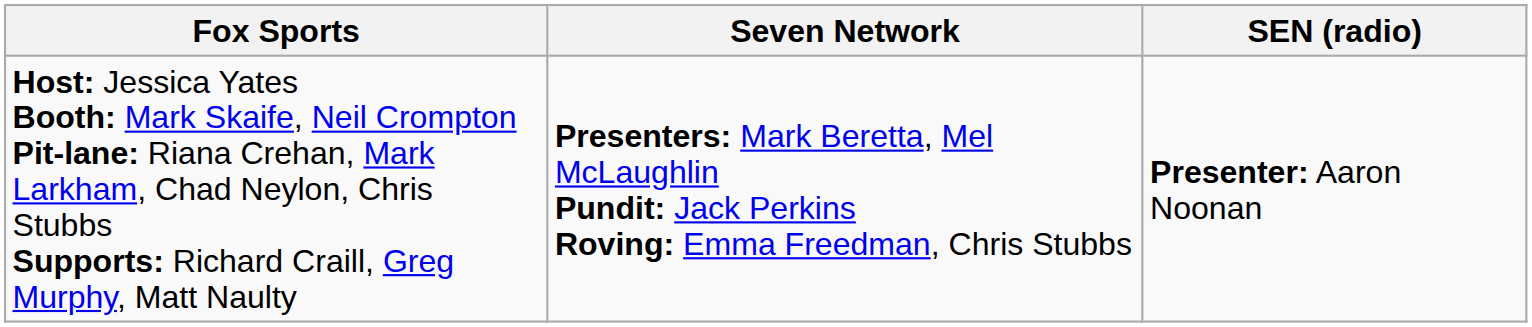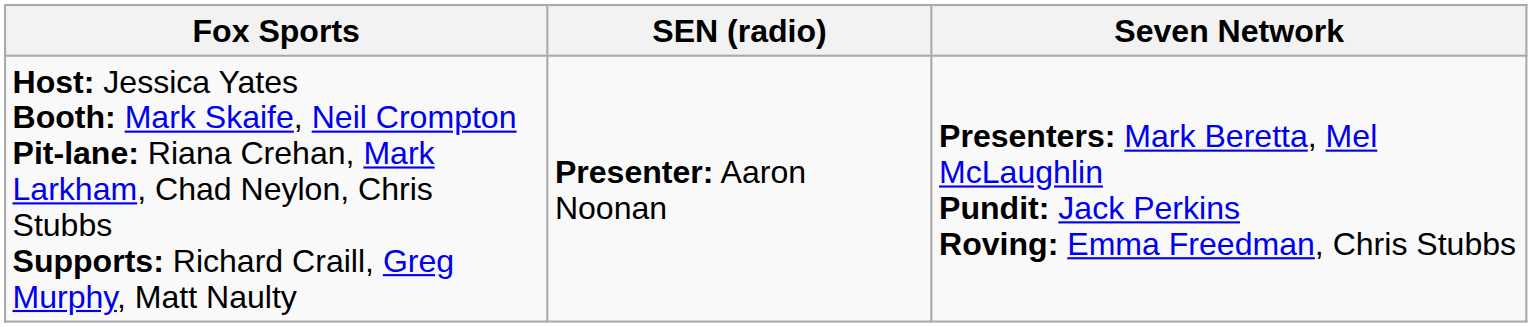 <table class="wikitable" style="font-size: 95%;">
 <tr>
 <th width=250px>Fox Sports</th>
+<th width=175px>SEN (radio)</th>
 <th width=275px>Seven Network</th>
-<th width=175px>SEN (radio)</th>
 </tr>
 <tr>
 <td><strong>Host:</strong> Jessica Yates<br><strong>Booth:</strong> <a href='#'>Mark Skaife</a>, <a href='#'>Neil Crompton</a><br><strong>Pit-lane:</strong> Riana Crehan, <a href='#'>Mark Larkham</a>, Chad Neylon, Chris Stubbs<br><strong>Supports:</strong> Richard Craill, <a href='#'>Greg Murphy</a>, Matt Naulty</td>
+<td><strong>Presenter:</strong> Aaron Noonan</td>
 <td><strong>Presenters:</strong> <a href='#'>Mark Beretta</a>, <a href='#'>Mel McLaughlin</a><br><strong>Pundit:</strong> <a href='#'>Jack Perkins</a><br><strong>Roving:</strong> <a href='#'>Emma Freedman</a>, Chris Stubbs</td>
-<td><strong>Presenter:</strong> Aaron Noonan</td>
 </tr>
 </table>
